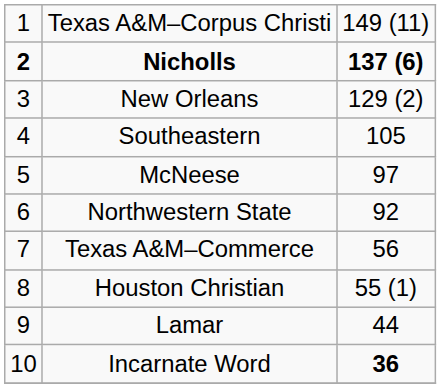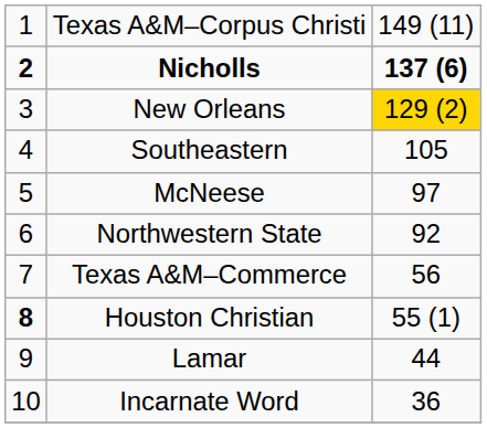 <table class="wikitable">
 <tr align="center">
 <td>1</td>
 <td>Texas A&M–Corpus Christi</td>
 <td>149 (11)</td>
 </tr>
 <tr align="center">
 <td><strong>2</strong></td>
 <td><strong>Nicholls</strong></td>
 <td><strong>137 (6)</strong></td>
 </tr>
 <tr align="center">
 <td>3</td>
 <td>New Orleans</td>
-<td>129 (2)</td>
+<td style="background: gold;">129 (2)</td>
 </tr>
 <tr align="center">
 <td>4</td>
 <td>Southeastern</td>
 <td>105</td>
 </tr>
 <tr align="center">
 <td>5</td>
 <td>McNeese</td>
 <td>97</td>
 </tr>
 <tr align="center">
 <td>6</td>
 <td>Northwestern State</td>
 <td>92</td>
 </tr>
 <tr align="center">
 <td>7</td>
 <td>Texas A&M–Commerce</td>
 <td>56</td>
 </tr>
 <tr align="center">
-<td>8</td>
+<td><strong>8</strong></td>
 <td>Houston Christian</td>
 <td>55 (1)</td>
 </tr>
 <tr align="center">
 <td>9</td>
 <td>Lamar</td>
 <td>44</td>
 </tr>
 <tr align="center">
 <td>10</td>
 <td>Incarnate Word</td>
-<td><strong>36</strong></td>
+<td>36</td>
 </tr>
 <tr align="center">
 </tr>
 </table>
